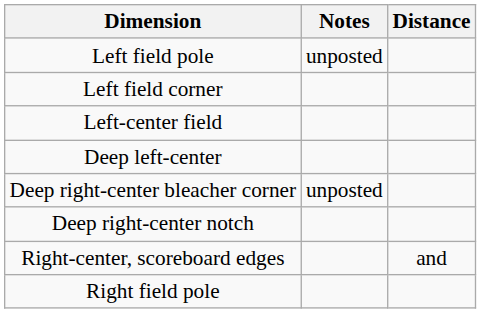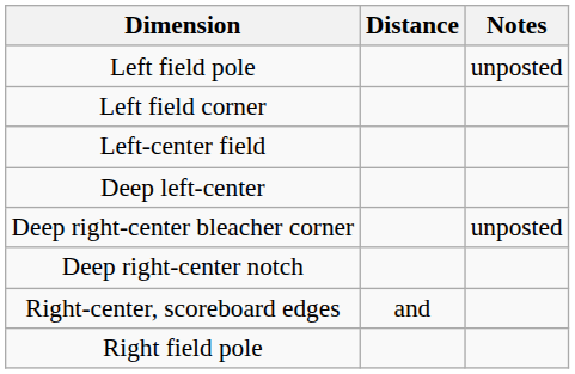 <table class="wikitable" style="text-align:center;">
 <tr>
 <th>Dimension</th>
+<th>Distance</th>
 <th>Notes</th>
-<th>Distance</th>
 </tr>
 <tr>
 <td>Left field pole</td>
+<td></td>
 <td>unposted</td>
-<td></td>
 </tr>
 <tr>
 <td>Left field corner</td>
 <td></td>
 <td></td>
 </tr>
 <tr>
 <td>Left-center field</td>
 <td></td>
 <td></td>
 </tr>
 <tr>
 <td>Deep left-center</td>
 <td></td>
 <td></td>
 </tr>
 <tr>
 <td>Deep right-center bleacher corner</td>
+<td></td>
 <td>unposted</td>
-<td></td>
 </tr>
 <tr>
 <td>Deep right-center notch</td>
 <td></td>
 <td></td>
 </tr>
 <tr>
 <td>Right-center, scoreboard edges</td>
+<td> and </td>
 <td></td>
-<td> and </td>
 </tr>
 <tr>
 <td>Right field pole</td>
 <td></td>
 <td></td>
 </tr>
 </table>
